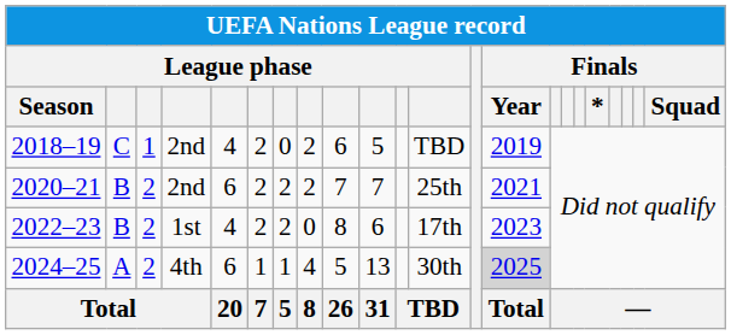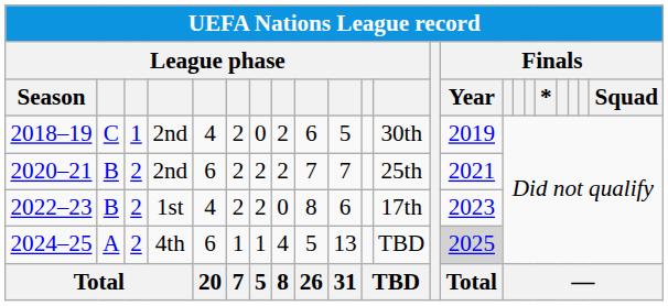 <table class="wikitable" style="text-align:center">
 <tr>
 <td colspan="22" style="background:#0d94e1; color:white" ><strong>UEFA Nations League record</strong></td>
 </tr>
 <tr>
 <th colspan="12">League phase</th>
 <th rowspan="7"></th>
 <th colspan="9">Finals</th>
 </tr>
 <tr>
 <th>Season</th>
 <th></th>
 <th></th>
 <th></th>
 <th></th>
 <th></th>
 <th></th>
 <th></th>
 <th></th>
 <th></th>
 <th></th>
 <th></th>
 <th>Year</th>
 <th></th>
 <th></th>
 <th></th>
 <th>*</th>
 <th></th>
 <th></th>
 <th></th>
 <th>Squad</th>
 </tr>
 <tr>
 <td><a href='#'>2018–19</a></td>
 <td><a href='#'>C</a></td>
 <td><a href='#'>1</a></td>
 <td>2nd</td>
 <td>4</td>
 <td>2</td>
 <td>0</td>
 <td>2</td>
 <td>6</td>
 <td>5</td>
 <td></td>
-<td>TBD</td>
+<td>30th</td>
 <td> <a href='#'>2019</a></td>
 <td colspan="8" rowspan="4"><em>Did not qualify</em></td>
 </tr>
 <tr>
 <td><a href='#'>2020–21</a></td>
 <td><a href='#'>B</a></td>
 <td><a href='#'>2</a></td>
 <td>2nd</td>
 <td>6</td>
 <td>2</td>
 <td>2</td>
 <td>2</td>
 <td>7</td>
 <td>7</td>
 <td></td>
 <td>25th</td>
 <td> <a href='#'>2021</a></td>
 </tr>
 <tr>
 <td><a href='#'>2022–23</a></td>
 <td><a href='#'>B</a></td>
 <td><a href='#'>2</a></td>
 <td>1st</td>
 <td>4</td>
 <td>2</td>
 <td>2</td>
 <td>0</td>
 <td>8</td>
 <td>6</td>
 <td></td>
 <td>17th</td>
 <td> <a href='#'>2023</a></td>
 </tr>
 <tr>
 <td><a href='#'>2024–25</a></td>
 <td><a href='#'>A</a></td>
 <td><a href='#'>2</a></td>
 <td>4th</td>
 <td>6</td>
 <td>1</td>
 <td>1</td>
 <td>4</td>
 <td>5</td>
 <td>13</td>
 <td></td>
-<td>30th</td>
+<td>TBD</td>
 <td style="background: lightgrey;"> <a href='#'>2025</a></td>
 </tr>
 <tr>
 <th colspan="4">Total</th>
 <th>20</th>
 <th>7</th>
 <th>5</th>
 <th>8</th>
 <th>26</th>
 <th>31</th>
 <th colspan="2">TBD</th>
 <th>Total</th>
 <th colspan=8>—</th>
 </tr>
 </table>
